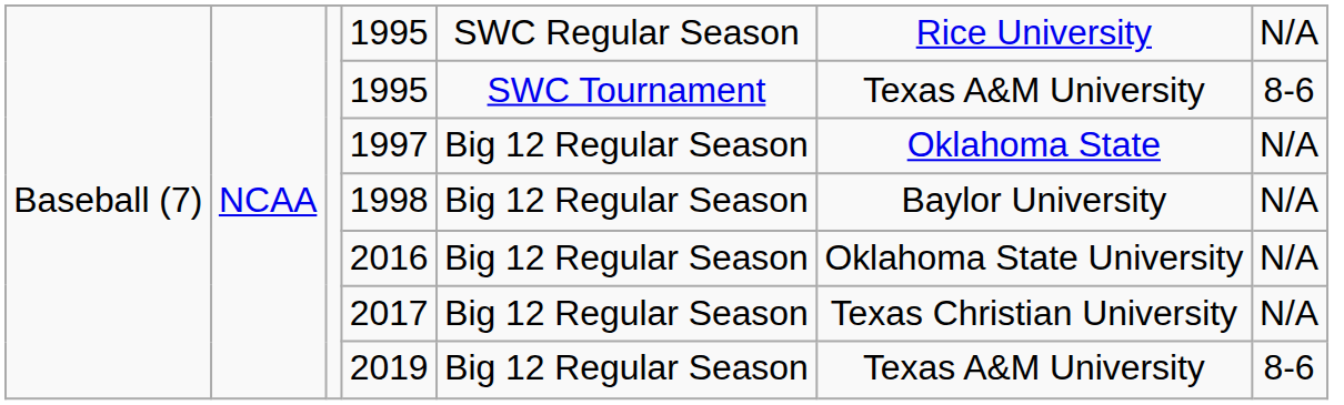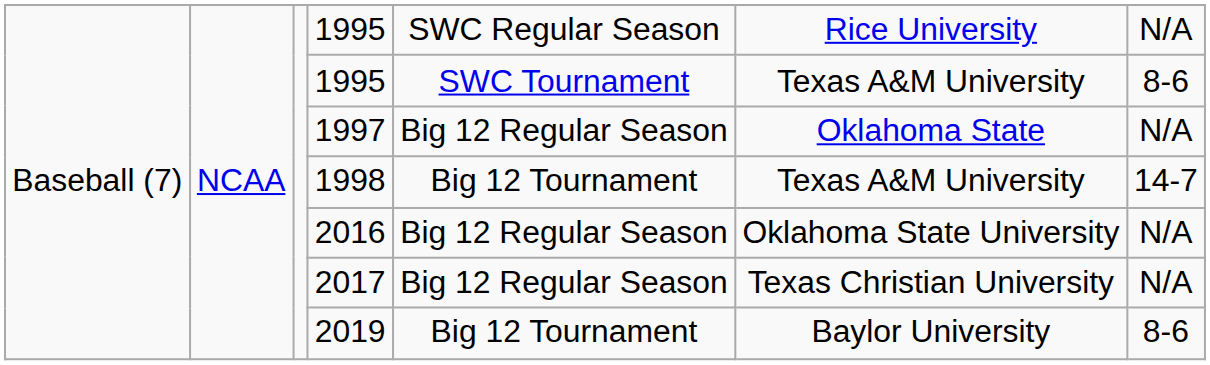 <table class="wikitable">
 <tr align="center">
 </tr>
 <tr align="center">
 <td rowspan="8">Baseball (7)</td>
 <td rowspan="8"><a href='#'>NCAA</a></td>
 <td rowspan="8"></td>
 </tr>
 <tr align="center">
 <td>1995</td>
 <td>SWC Regular Season</td>
 <td><a href='#'>Rice University </a></td>
 <td>N/A</td>
 </tr>
 <tr align="center">
 <td>1995</td>
 <td><a href='#'>SWC Tournament</a></td>
 <td>Texas A&M University</td>
 <td>8-6</td>
 </tr>
 <tr align="center">
 <td>1997</td>
 <td>Big 12 Regular Season</td>
 <td><a href='#'>Oklahoma State</a></td>
 <td>N/A</td>
 </tr>
 <tr align="center">
 <td>1998</td>
-<td>Big 12 Regular Season</td>
-<td>Baylor University</td>
-<td>N/A</td>
+<td>Big 12 Tournament</td>
+<td>Texas A&M University</td>
+<td>14-7</td>
 </tr>
 <tr align="center">
 <td>2016</td>
 <td>Big 12 Regular Season</td>
 <td>Oklahoma State University</td>
 <td>N/A</td>
 </tr>
 <tr align="center">
 <td>2017</td>
 <td>Big 12 Regular Season</td>
 <td>Texas Christian University</td>
 <td>N/A</td>
 </tr>
 <tr align="center">
 <td>2019</td>
-<td>Big 12 Regular Season</td>
-<td>Texas A&M University</td>
+<td>Big 12 Tournament</td>
+<td>Baylor University</td>
 <td>8-6</td>
 </tr>
 </table>
